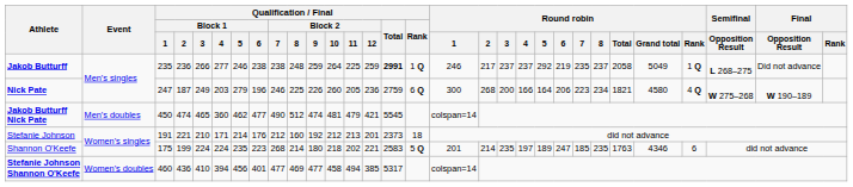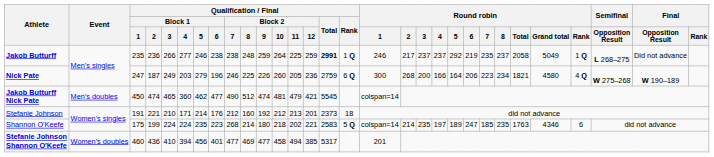 <table class=wikitable style=font-size:75%;text-align:center>
 <tr>
 <th rowspan=3>Athlete</th>
 <th rowspan=3>Event</th>
 <th colspan=14>Qualification / Final</th>
 <th colspan=11 rowspan=2>Round robin</th>
 <th rowspan=2>Semifinal</th>
 <th rowspan=2 colspan=2>Final</th>
 </tr>
 <tr style=font-size:95%>
 <th colspan=6>Block 1</th>
 <th colspan=6>Block 2</th>
 <th rowspan=2>Total</th>
 <th rowspan=2>Rank</th>
 </tr>
 <tr style=font-size:95%>
 <th>1</th>
 <th>2</th>
 <th>3</th>
 <th>4</th>
 <th>5</th>
 <th>6</th>
 <th>7</th>
 <th>8</th>
 <th>9</th>
 <th>10</th>
 <th>11</th>
 <th>12</th>
 <th>1</th>
 <th>2</th>
 <th>3</th>
 <th>4</th>
 <th>5</th>
 <th>6</th>
 <th>7</th>
 <th>8</th>
 <th>Total</th>
 <th>Grand total</th>
 <th>Rank</th>
 <th>Opposition<br>Result</th>
 <th>Opposition<br>Result</th>
 <th>Rank</th>
 </tr>
 <tr>
 <td align=left><strong><a href='#'>Jakob Butturff</a></strong></td>
 <td align=left rowspan=2><a href='#'>Men's singles</a></td>
 <td>235</td>
 <td>236</td>
 <td>266</td>
 <td>277</td>
 <td>246</td>
 <td>238</td>
 <td>238</td>
 <td>248</td>
 <td>259</td>
 <td>264</td>
 <td>225</td>
 <td>259</td>
 <td><strong>2991</strong></td>
 <td>1 <strong>Q</strong></td>
 <td>246</td>
 <td>217</td>
 <td>237</td>
 <td>237</td>
 <td>292</td>
 <td>219</td>
 <td>235</td>
 <td>237</td>
 <td>2058</td>
 <td>5049</td>
 <td>1 <strong>Q</strong></td>
 <td><br><strong>L</strong> 268–275</td>
 <td>Did not advance</td>
 <td></td>
 </tr>
 <tr>
 <td align=left><strong><a href='#'>Nick Pate</a></strong></td>
 <td>247</td>
 <td>187</td>
 <td>249</td>
 <td>203</td>
 <td>279</td>
 <td>196</td>
 <td>246</td>
 <td>225</td>
 <td>226</td>
 <td>260</td>
 <td>205</td>
 <td>236</td>
 <td>2759</td>
 <td>6 <strong>Q</strong></td>
 <td>300</td>
 <td>268</td>
 <td>200</td>
 <td>166</td>
 <td>164</td>
 <td>206</td>
 <td>223</td>
 <td>234</td>
 <td>1821</td>
 <td>4580</td>
 <td>4 <strong>Q</strong></td>
 <td><br><strong>W</strong> 275–268</td>
 <td><br><strong>W</strong> 190–189</td>
 <td></td>
 </tr>
 <tr>
 <td align=left><strong><a href='#'>Jakob Butturff</a><br><a href='#'>Nick Pate</a></strong></td>
 <td align=left><a href='#'>Men's doubles</a></td>
 <td>450</td>
 <td>474</td>
 <td>465</td>
 <td>360</td>
 <td>462</td>
 <td>477</td>
 <td>490</td>
 <td>512</td>
 <td>474</td>
 <td>481</td>
 <td>479</td>
 <td>421</td>
 <td>5545</td>
 <td></td>
 <td>colspan=14 </td>
 </tr>
 <tr>
 <td align=left><a href='#'>Stefanie Johnson</a></td>
 <td align=left rowspan=2><a href='#'>Women's singles</a></td>
 <td>191</td>
 <td>221</td>
 <td>210</td>
 <td>171</td>
 <td>214</td>
 <td>176</td>
 <td>212</td>
 <td>160</td>
 <td>192</td>
 <td>212</td>
 <td>213</td>
 <td>201</td>
 <td>2373</td>
 <td>18</td>
 <td colspan=14>did not advance</td>
 </tr>
 <tr>
 <td align=left><a href='#'>Shannon O'Keefe</a></td>
 <td>175</td>
 <td>199</td>
 <td>224</td>
 <td>224</td>
 <td>235</td>
 <td>223</td>
 <td>268</td>
 <td>214</td>
 <td>180</td>
 <td>218</td>
 <td>202</td>
 <td>221</td>
 <td>2583</td>
 <td>5 <strong>Q</strong></td>
-<td>201</td>
+<td>colspan=14 </td>
 <td>214</td>
 <td>235</td>
 <td>197</td>
 <td>189</td>
 <td>247</td>
 <td>185</td>
 <td>235</td>
 <td>1763</td>
 <td>4346</td>
 <td>6</td>
 <td colspan=3>did not advance</td>
 </tr>
 <tr>
 <td align=left><strong><a href='#'>Stefanie Johnson</a><br><a href='#'>Shannon O'Keefe</a></strong></td>
 <td align=left><a href='#'>Women's doubles</a></td>
 <td>460</td>
 <td>436</td>
 <td>410</td>
 <td>394</td>
 <td>456</td>
 <td>401</td>
 <td>477</td>
 <td>469</td>
 <td>477</td>
 <td>458</td>
 <td>494</td>
 <td>385</td>
 <td>5317</td>
 <td></td>
-<td>colspan=14 </td>
+<td>201</td>
 </tr>
 </table>
